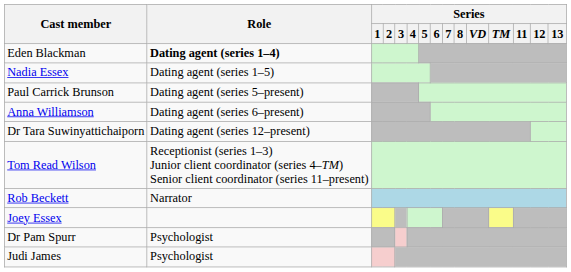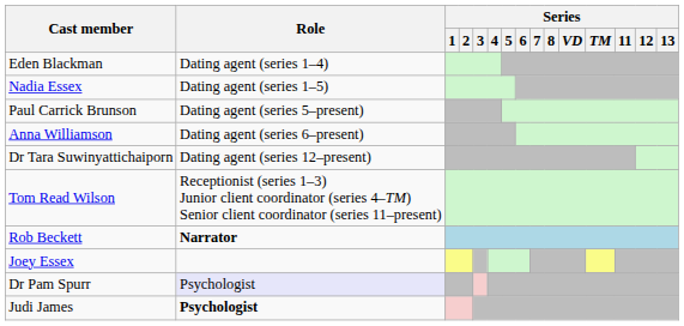 <table class="wikitable">
 <tr>
 <th rowspan="2">Cast member</th>
 <th rowspan="2">Role</th>
 <th colspan="13">Series</th>
 </tr>
 <tr>
 <th>1</th>
 <th>2</th>
 <th>3</th>
 <th>4</th>
 <th>5</th>
 <th>6</th>
 <th>7</th>
 <th>8</th>
 <th><em>VD</em></th>
 <th><em>TM</em></th>
 <th>11</th>
 <th>12</th>
 <th>13</th>
 </tr>
 <tr>
 <td>Eden Blackman</td>
-<td><strong>Dating agent (series 1–4)</strong></td>
+<td>Dating agent (series 1–4)</td>
 <td colspan="4" style="background:#CEF6CE;"></td>
 <td colspan="10" style="background:#BDBDBD;"></td>
 </tr>
 <tr>
 <td><a href='#'>Nadia Essex</a></td>
 <td>Dating agent (series 1–5)</td>
 <td colspan="5" style="background:#CEF6CE;"></td>
 <td colspan="10" style="background:#BDBDBD;"></td>
 </tr>
 <tr>
 <td nowrap>Paul Carrick Brunson</td>
 <td>Dating agent (series 5–present)</td>
 <td colspan="4" style="background:#BDBDBD;"></td>
 <td colspan="10" style="background:#CEF6CE;"></td>
 </tr>
 <tr>
 <td><a href='#'>Anna Williamson</a></td>
 <td>Dating agent (series 6–present)</td>
 <td colspan="5" style="background:#BDBDBD;"></td>
 <td colspan="10" style="background:#CEF6CE;"></td>
 </tr>
 <tr>
 <td nowrap>Dr Tara Suwinyattichaiporn</td>
 <td>Dating agent (series 12–present)</td>
 <td colspan="11" style="background:#BDBDBD;"></td>
 <td colspan="2" style="background:#CEF6CE;"></td>
 </tr>
 <tr>
 <td><a href='#'>Tom Read Wilson</a></td>
 <td nowrap>Receptionist (series 1–3)<br> Junior client coordinator (series 4–<em>TM</em>)<br>Senior client coordinator (series 11–present)</td>
 <td colspan="13" style="background:#CEF6CE;"></td>
 </tr>
 <tr>
 <td><a href='#'>Rob Beckett</a></td>
-<td>Narrator</td>
+<td><strong>Narrator</strong></td>
 <td colspan="13" style="background:lightblue;"></td>
 </tr>
 <tr>
 <td><a href='#'>Joey Essex</a></td>
 <td></td>
 <td colspan="2" style="background:#FAFC89;"></td>
 <td colspan="1" style="background:#BDBDBD;"></td>
 <td colspan="3" style="background:#CEF6CE;"></td>
 <td colspan="3" style="background:#BDBDBD;"></td>
 <td colspan="1" style="background:#FAFC89;"></td>
 <td colspan="3" style="background:#BDBDBD;"></td>
 </tr>
 <tr>
 <td>Dr Pam Spurr</td>
-<td>Psychologist</td>
+<td style="background: lavender;">Psychologist</td>
 <td colspan="2" style="background:#BDBDBD;"></td>
 <td colspan="1" style="background:#F6CECE;"></td>
 <td colspan="11" style="background:#BDBDBD;"></td>
 </tr>
 <tr>
 <td>Judi James</td>
-<td>Psychologist</td>
+<td><strong>Psychologist</strong></td>
 <td colspan="2" style="background:#F6CECE;"></td>
 <td colspan="11" style="background:#BDBDBD;"></td>
 </tr>
 </table>
